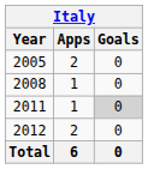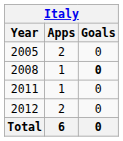 <table class="wikitable" style="text-align:center">
 <tr>
 <th colspan="3"><a href='#'>Italy</a></th>
 </tr>
 <tr>
 <th>Year</th>
 <th>Apps</th>
 <th>Goals</th>
 </tr>
 <tr>
 <td>2005</td>
 <td>2</td>
 <td>0</td>
 </tr>
 <tr>
 <td>2008</td>
 <td>1</td>
-<td>0</td>
+<td><strong>0</strong></td>
 </tr>
 <tr>
 <td>2011</td>
 <td>1</td>
-<td style="background: lightgrey;">0</td>
+<td>0</td>
 </tr>
 <tr>
 <td>2012</td>
 <td>2</td>
 <td>0</td>
 </tr>
 <tr>
 <th>Total</th>
 <th>6</th>
 <th>0</th>
 </tr>
 </table>
